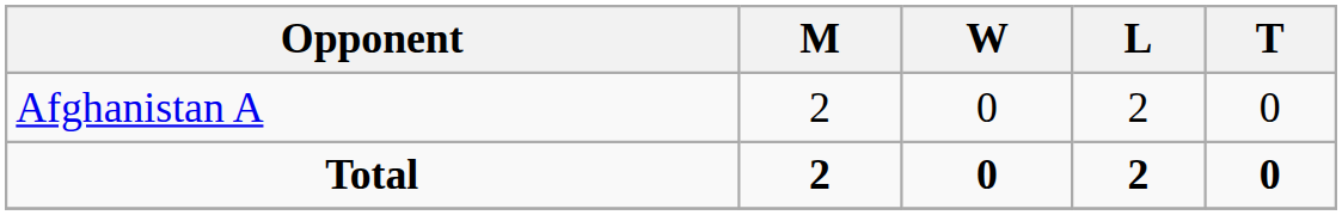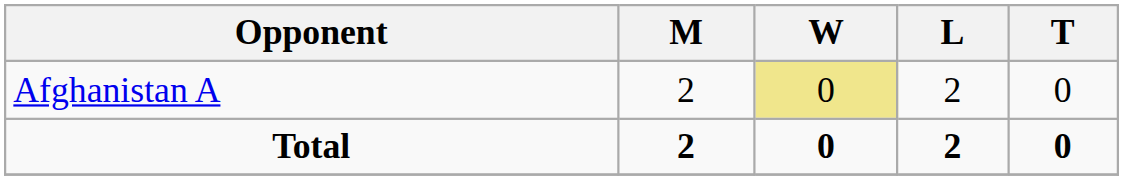 <table class="wikitable" style="text-align: center; width: 500px;">
 <tr>
 <th>Opponent</th>
 <th>M</th>
 <th>W</th>
 <th>L</th>
 <th>T</th>
 </tr>
 <tr>
 <td align="left"> <a href='#'>Afghanistan A</a></td>
 <td>2</td>
-<td>0</td>
+<td style="background: khaki;">0</td>
 <td>2</td>
 <td>0</td>
 </tr>
 <tr>
 <td><strong>Total</strong></td>
 <td><strong>2</strong></td>
 <td><strong>0</strong></td>
 <td><strong>2</strong></td>
 <td><strong>0</strong></td>
 </tr>
 <tr>
 </tr>
 </table>
